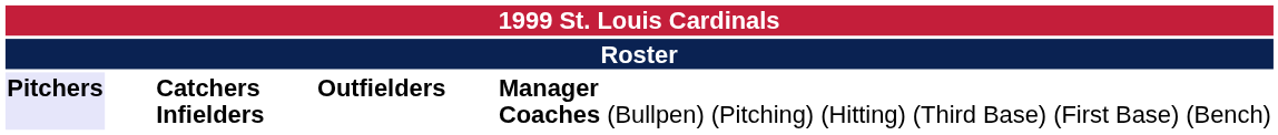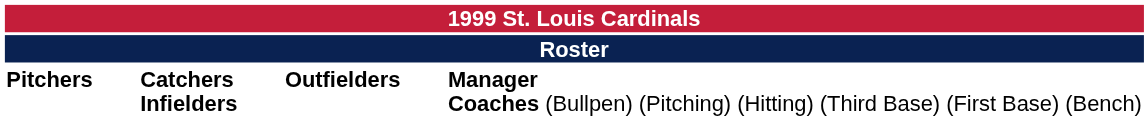 <table class="toccolours" style="font-size: 95%;">
 <tr>
 <th colspan="10" style="background-color: #c41e3a; color: #FFFFFF; text-align: center;">1999 St. Louis Cardinals</th>
 </tr>
 <tr>
 <td colspan="10" style="background-color: #0a2252; color: #FFFFFF; text-align: center;"><strong>Roster</strong></td>
 </tr>
 <tr>
-<td valign="top" style="background: lavender;"><strong>Pitchers</strong><br>                     </td>
+<td valign="top"><strong>Pitchers</strong><br>                     </td>
 <td width="25px"></td>
 <td valign="top"><strong>Catchers</strong><br>   <strong>Infielders</strong>        </td>
 <td width="25px"></td>
 <td valign="top"><strong>Outfielders</strong><br>        </td>
 <td width="25px"></td>
 <td valign="top"><strong>Manager</strong><br> <strong>Coaches</strong>  (Bullpen)  (Pitching)  (Hitting)  (Third Base)  (First Base)  (Bench)</td>
 </tr>
 </table>
